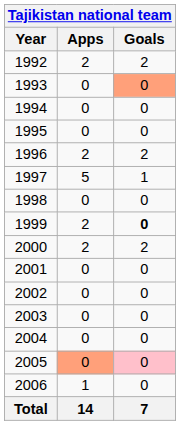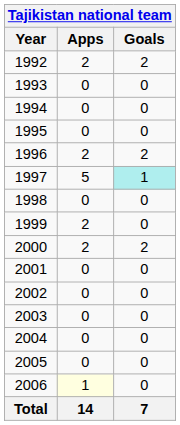 <table class="wikitable" style="text-align:center">
 <tr>
 <th colspan=3><a href='#'>Tajikistan national team</a></th>
 </tr>
 <tr>
 <th>Year</th>
 <th>Apps</th>
 <th>Goals</th>
 </tr>
 <tr>
 <td>1992</td>
 <td>2</td>
 <td>2</td>
 </tr>
 <tr>
 <td>1993</td>
 <td>0</td>
-<td style="background: lightsalmon;">0</td>
+<td>0</td>
 </tr>
 <tr>
 <td>1994</td>
 <td>0</td>
 <td>0</td>
 </tr>
 <tr>
 <td>1995</td>
 <td>0</td>
 <td>0</td>
 </tr>
 <tr>
 <td>1996</td>
 <td>2</td>
 <td>2</td>
 </tr>
 <tr>
 <td>1997</td>
 <td>5</td>
-<td>1</td>
+<td style="background: paleturquoise;">1</td>
 </tr>
 <tr>
 <td>1998</td>
 <td>0</td>
 <td>0</td>
 </tr>
 <tr>
 <td>1999</td>
 <td>2</td>
-<td><strong>0</strong></td>
+<td>0</td>
 </tr>
 <tr>
 <td>2000</td>
 <td>2</td>
 <td>2</td>
 </tr>
 <tr>
 <td>2001</td>
 <td>0</td>
 <td>0</td>
 </tr>
 <tr>
 <td>2002</td>
 <td>0</td>
 <td>0</td>
 </tr>
 <tr>
 <td>2003</td>
 <td>0</td>
 <td>0</td>
 </tr>
 <tr>
 <td>2004</td>
 <td>0</td>
 <td>0</td>
 </tr>
 <tr>
 <td>2005</td>
-<td style="background: lightsalmon;">0</td>
-<td style="background: pink;">0</td>
+<td>0</td>
+<td>0</td>
 </tr>
 <tr>
 <td>2006</td>
-<td>1</td>
+<td style="background: lightyellow;">1</td>
 <td>0</td>
 </tr>
 <tr>
 <th>Total</th>
 <th>14</th>
 <th>7</th>
 </tr>
 </table>
